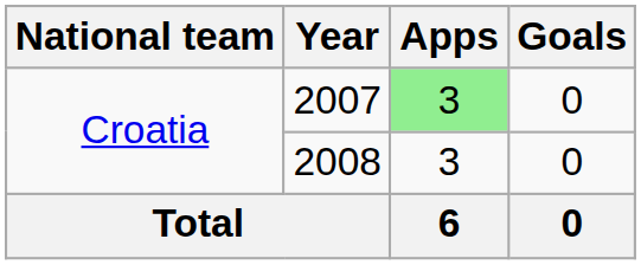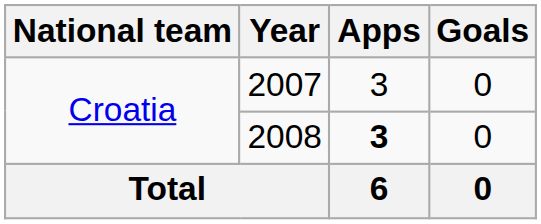 <table class="wikitable" style="text-align:center">
 <tr>
 <th>National team</th>
 <th>Year</th>
 <th>Apps</th>
 <th>Goals</th>
 </tr>
 <tr>
 <td rowspan="2"><a href='#'>Croatia</a></td>
 <td>2007</td>
-<td style="background: lightgreen;">3</td>
+<td>3</td>
 <td>0</td>
 </tr>
 <tr>
 <td>2008</td>
-<td>3</td>
+<td><strong>3</strong></td>
 <td>0</td>
 </tr>
 <tr>
 <th colspan="2">Total</th>
 <th>6</th>
 <th>0</th>
 </tr>
 </table>
